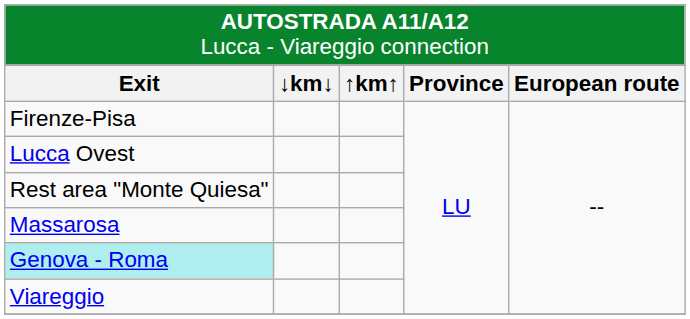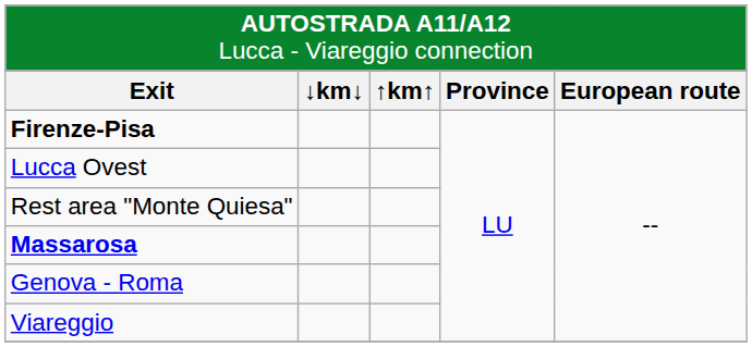 <table class="wikitable">
 <tr align="center" style="color: white;font-size:100%;" bgcolor="#08842c">
 <td colspan="6"><strong> AUTOSTRADA A11/A12</strong><br>Lucca - Viareggio connection</td>
 </tr>
 <tr>
 </tr>
 <tr>
 <th><strong>Exit</strong></th>
 <th align="center"><strong>↓km↓</strong></th>
 <th align="center"><strong>↑km↑</strong></th>
 <th align="center"><strong>Province</strong></th>
 <th align="center"><strong>European route</strong></th>
 </tr>
 <tr>
-<td>   Firenze-Pisa</td>
+<td><strong>   Firenze-Pisa</strong></td>
 <td align="right"></td>
 <td align="right"></td>
 <td align="center" rowspan=6><a href='#'>LU</a></td>
 <td align="center" rowspan=6>--</td>
 </tr>
 <tr>
 <td> <a href='#'>Lucca</a> Ovest</td>
 <td align="right"></td>
 <td align="right"></td>
 </tr>
 <tr>
 <td>  Rest area "Monte Quiesa"</td>
 <td align="right"></td>
 <td align="right"></td>
 </tr>
 <tr>
-<td> <a href='#'>Massarosa</a></td>
+<td><strong> <a href='#'>Massarosa</a></strong></td>
 <td align="right"></td>
 <td align="right"></td>
 </tr>
 <tr>
-<td style="background: paleturquoise;">  <a href='#'>Genova - Roma</a></td>
+<td>  <a href='#'>Genova - Roma</a></td>
 <td align="right"></td>
 <td align="right"></td>
 </tr>
 <tr>
 <td> <a href='#'>Viareggio</a></td>
 <td align="right"></td>
 <td align="right"></td>
 </tr>
 <tr>
 </tr>
 </table>
